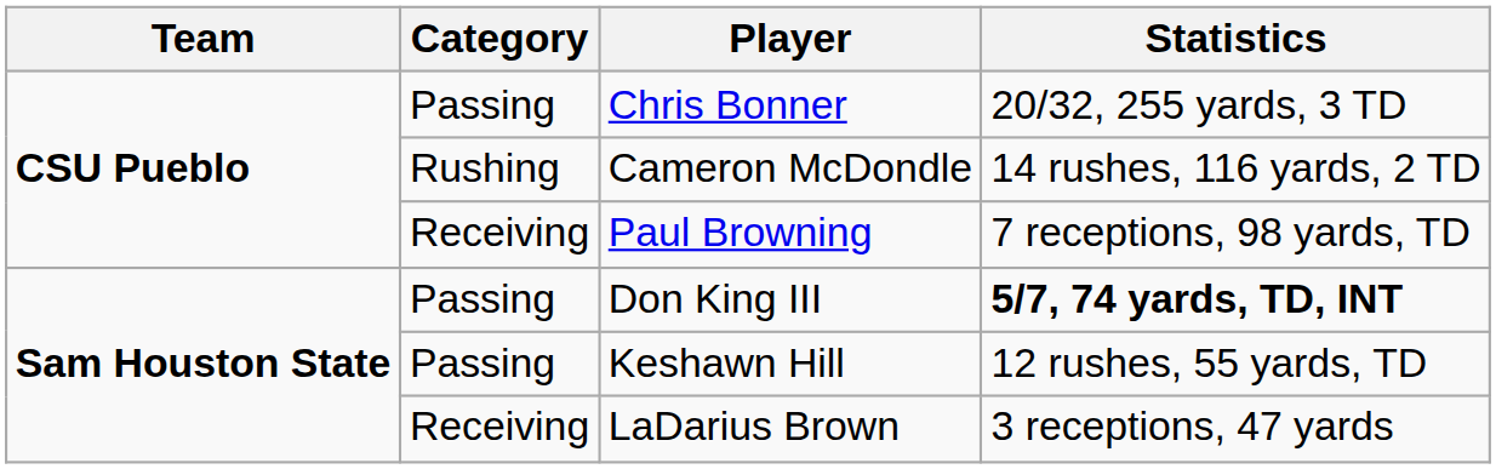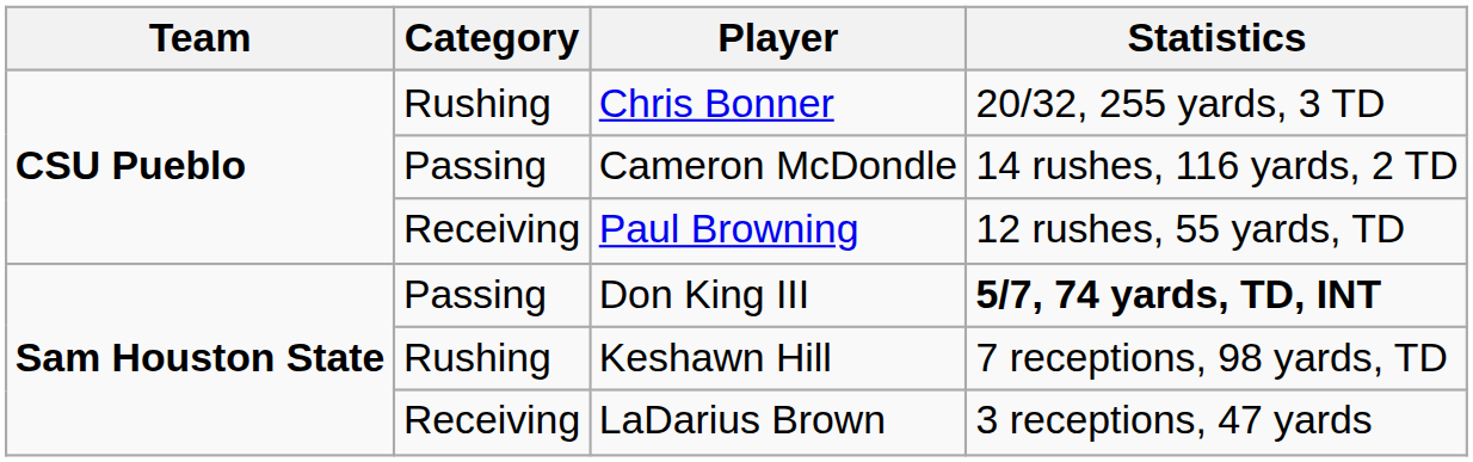 <table class="wikitable" style="float: left;">
 <tr>
 <th>Team</th>
 <th>Category</th>
 <th>Player</th>
 <th>Statistics</th>
 </tr>
 <tr>
 <td rowspan=3><strong>CSU Pueblo</strong></td>
-<td>Passing</td>
+<td>Rushing</td>
 <td><a href='#'>Chris Bonner</a></td>
 <td>20/32, 255 yards, 3 TD</td>
 </tr>
 <tr>
-<td>Rushing</td>
+<td>Passing</td>
 <td>Cameron McDondle</td>
 <td>14 rushes, 116 yards, 2 TD</td>
 </tr>
 <tr>
 <td>Receiving</td>
 <td><a href='#'>Paul Browning</a></td>
-<td>7 receptions, 98 yards, TD</td>
+<td>12 rushes, 55 yards, TD</td>
 </tr>
 <tr>
 <td rowspan=3><strong>Sam Houston State</strong></td>
 <td>Passing</td>
 <td>Don King III</td>
 <td><strong>5/7, 74 yards, TD, INT</strong></td>
 </tr>
 <tr>
-<td>Passing</td>
+<td>Rushing</td>
 <td>Keshawn Hill</td>
-<td>12 rushes, 55 yards, TD</td>
+<td>7 receptions, 98 yards, TD</td>
 </tr>
 <tr>
 <td>Receiving</td>
 <td>LaDarius Brown</td>
 <td>3 receptions, 47 yards</td>
 </tr>
 </table>
